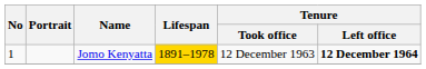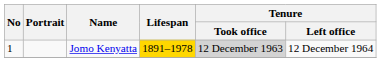 <table class="wikitable">
 <tr>
 <th scope="col" rowspan="2">No</th>
 <th scope="col" rowspan="2">Portrait</th>
 <th scope="col" rowspan="2">Name</th>
 <th scope="col" rowspan="2">Lifespan</th>
 <th scope="col" colspan="2">Tenure</th>
 </tr>
 <tr>
 <th scope="col">Took office</th>
 <th scope="col">Left office</th>
 </tr>
 <tr>
 <td>1</td>
 <td></td>
 <td><a href='#'>Jomo Kenyatta</a></td>
 <td style="background: gold;">1891–1978</td>
-<td>12 December 1963</td>
-<td><strong>12 December 1964</strong></td>
+<td style="background: lightgrey;">12 December 1963</td>
+<td>12 December 1964</td>
 </tr>
 <tr>
 </tr>
 </table>
